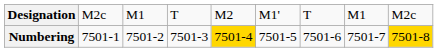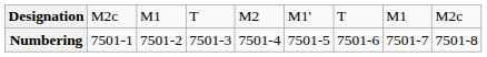 <table class="wikitable">
 <tr>
 <th>Designation</th>
 <td>M2c</td>
 <td>M1</td>
 <td>T</td>
 <td>M2</td>
 <td>M1'</td>
 <td>T</td>
 <td>M1</td>
 <td>M2c</td>
 </tr>
 <tr>
 <th>Numbering</th>
 <td>7501-1</td>
 <td>7501-2</td>
 <td>7501-3</td>
-<td style="background: gold;">7501-4</td>
+<td>7501-4</td>
 <td>7501-5</td>
 <td>7501-6</td>
 <td>7501-7</td>
-<td style="background: gold;">7501-8</td>
+<td>7501-8</td>
 </tr>
 </table>
